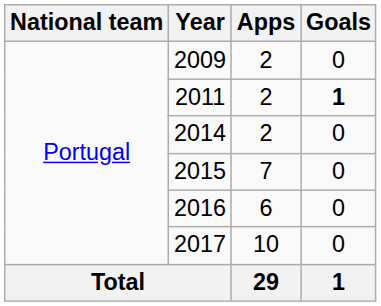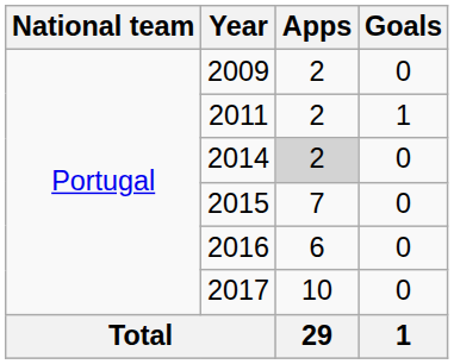 <table class="wikitable" style="text-align:center">
 <tr>
 <th>National team</th>
 <th>Year</th>
 <th>Apps</th>
 <th>Goals</th>
 </tr>
 <tr>
 <td rowspan="6"><a href='#'>Portugal</a></td>
 <td>2009</td>
 <td>2</td>
 <td>0</td>
 </tr>
 <tr>
 <td>2011</td>
 <td>2</td>
-<td><strong>1</strong></td>
+<td>1</td>
 </tr>
 <tr>
 <td>2014</td>
-<td>2</td>
+<td style="background: lightgrey;">2</td>
 <td>0</td>
 </tr>
 <tr>
 <td>2015</td>
 <td>7</td>
 <td>0</td>
 </tr>
 <tr>
 <td>2016</td>
 <td>6</td>
 <td>0</td>
 </tr>
 <tr>
 <td>2017</td>
 <td>10</td>
 <td>0</td>
 </tr>
 <tr>
 <th colspan="2">Total</th>
 <th>29</th>
 <th>1</th>
 </tr>
 </table>
